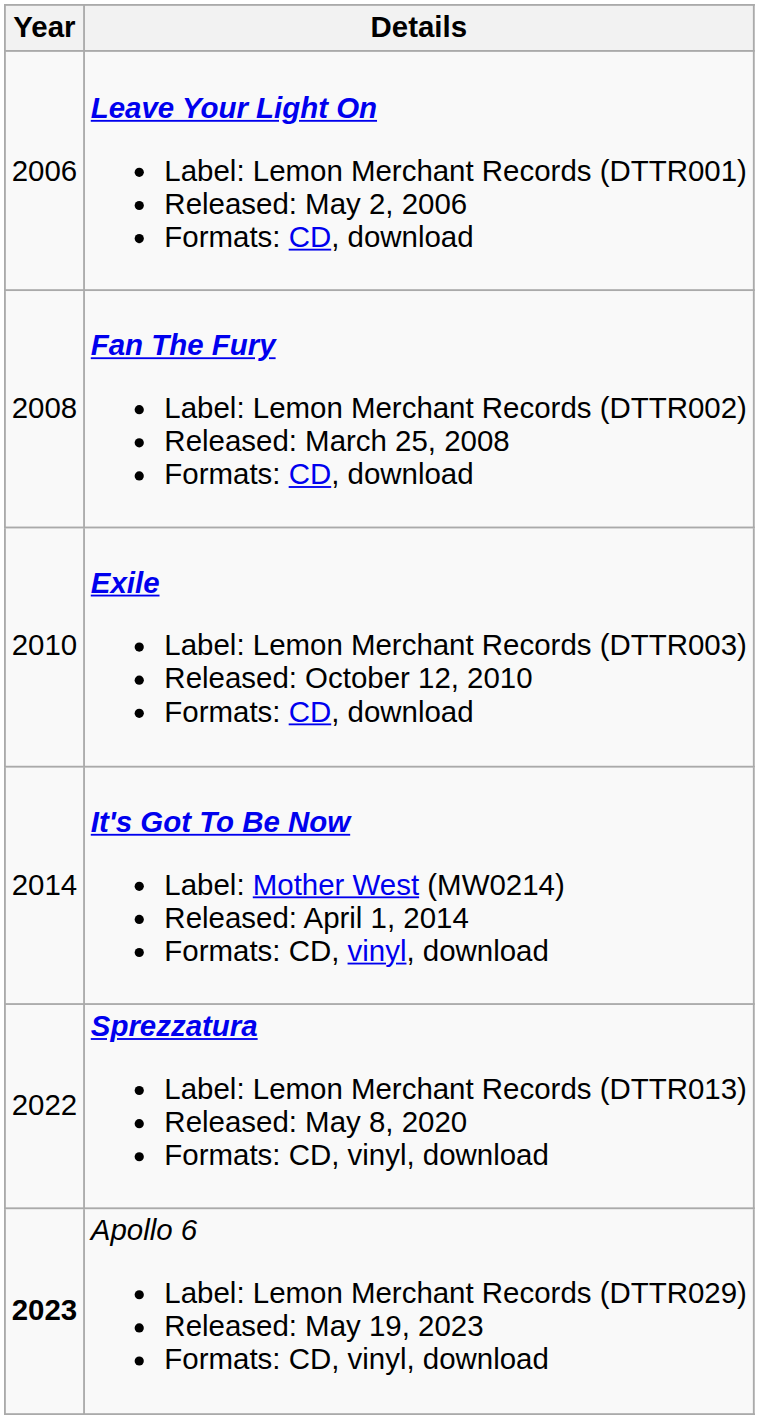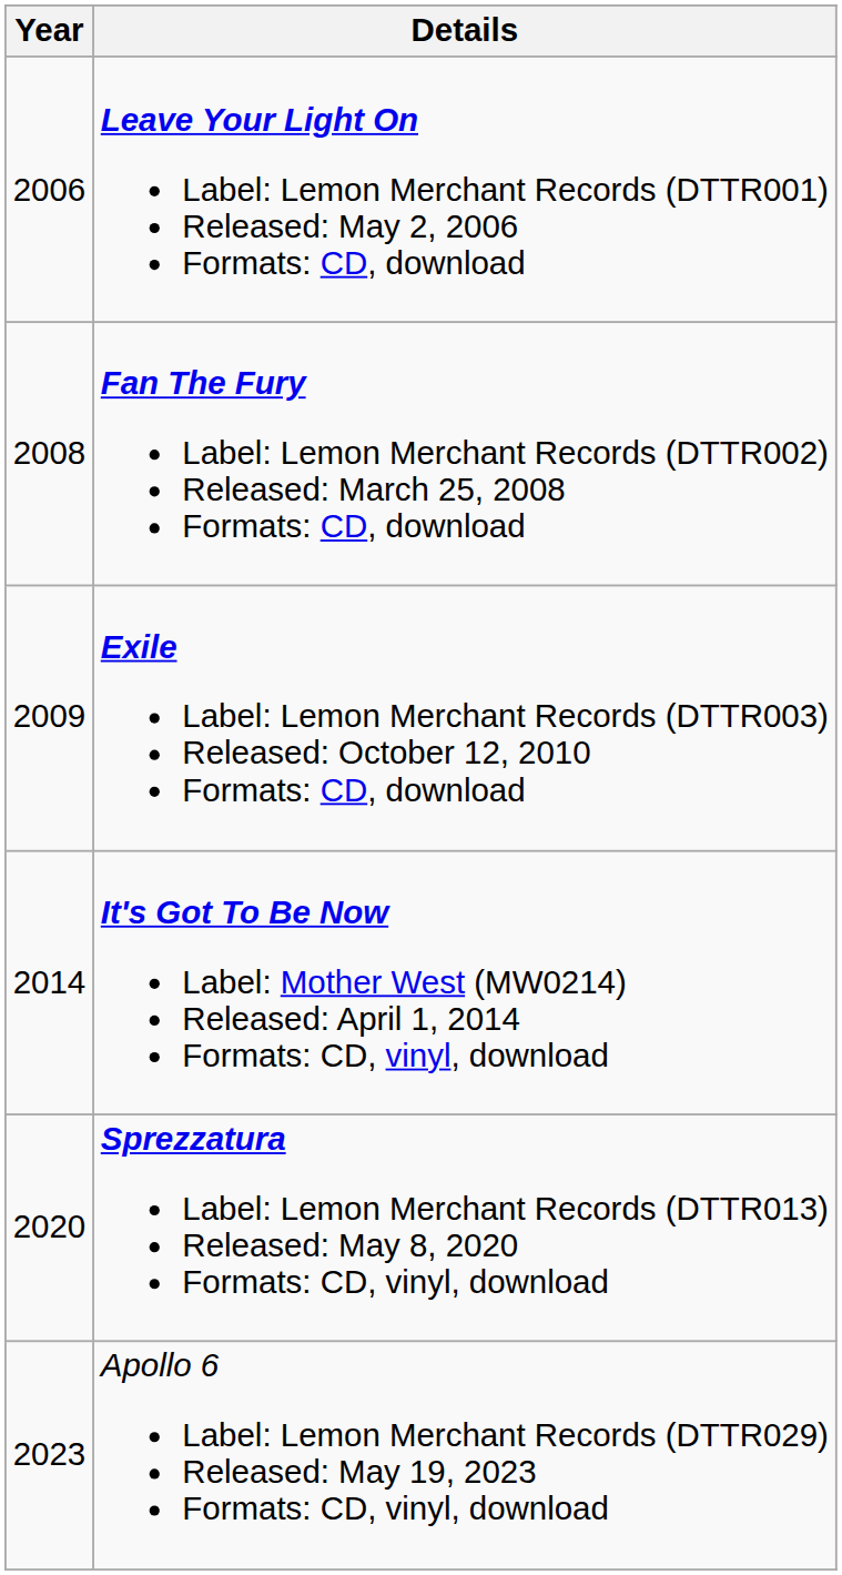 <table class="wikitable sortable">
 <tr>
 <th>Year</th>
 <th>Details</th>
 </tr>
 <tr>
 <td>2006</td>
 <td><br><strong><em><a href='#'>Leave Your Light On</a></em></strong><ul><li>Label: Lemon Merchant Records (DTTR001)</li><li>Released: May 2, 2006</li><li>Formats: <a href='#'>CD</a>, download</li></ul></td>
 </tr>
 <tr>
 <td>2008</td>
 <td><br><strong><em><a href='#'>Fan The Fury</a></em></strong><ul><li>Label: Lemon Merchant Records (DTTR002)</li><li>Released: March 25, 2008</li><li>Formats: <a href='#'>CD</a>, download</li></ul></td>
 </tr>
 <tr>
-<td>2010</td>
+<td>2009</td>
 <td><br><strong><em><a href='#'>Exile</a></em></strong><ul><li>Label: Lemon Merchant Records (DTTR003)</li><li>Released: October 12, 2010</li><li>Formats: <a href='#'>CD</a>, download</li></ul></td>
 </tr>
 <tr>
 <td>2014</td>
 <td><br><strong><em><a href='#'>It's Got To Be Now</a></em></strong><ul><li>Label: <a href='#'>Mother West</a> (MW0214)</li><li>Released: April 1, 2014</li><li>Formats: CD, <a href='#'>vinyl</a>, download</li></ul></td>
 </tr>
 <tr>
-<td>2022</td>
+<td>2020</td>
 <td><strong><em><a href='#'>Sprezzatura</a></em></strong><br><ul><li>Label: Lemon Merchant Records (DTTR013)</li><li>Released: May 8, 2020</li><li>Formats: CD, vinyl, download</li></ul></td>
 </tr>
 <tr>
-<td><strong>2023</strong></td>
+<td>2023</td>
 <td><em>Apollo 6</em><br><ul><li>Label: Lemon Merchant Records (DTTR029)</li><li>Released: May 19, 2023</li><li>Formats: CD, vinyl, download</li></ul></td>
 </tr>
 <tr>
 </tr>
 </table>
